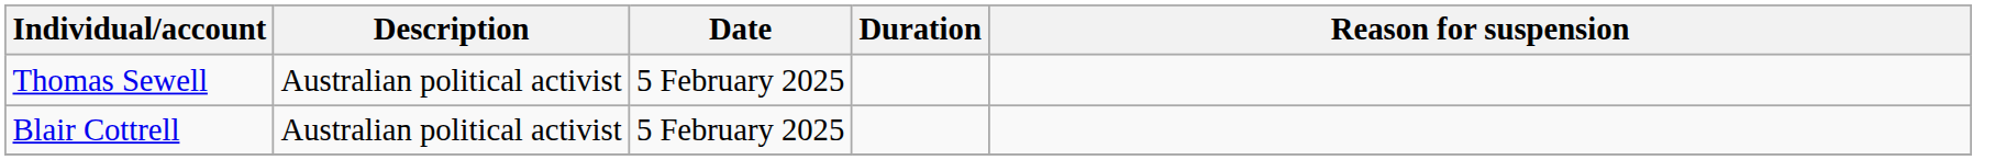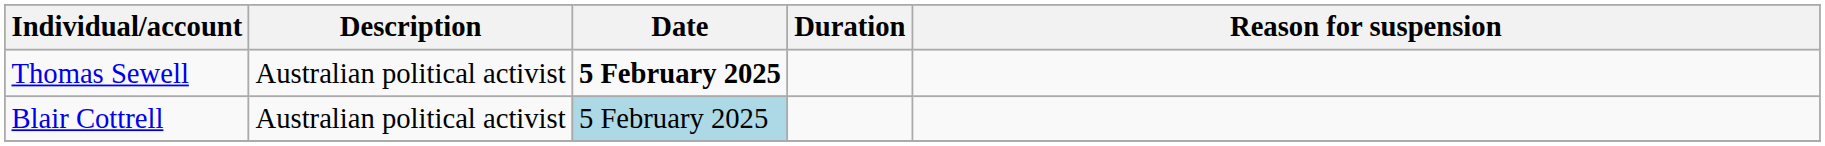 <table class="wikitable sortable">
 <tr>
 <th>Individual/account</th>
 <th>Description</th>
 <th>Date</th>
 <th>Duration</th>
 <th style=width:50%>Reason for suspension</th>
 </tr>
 <tr>
 <td><a href='#'>Thomas Sewell</a></td>
 <td>Australian political activist</td>
-<td>5 February 2025</td>
+<td><strong>5 February 2025</strong></td>
 <td></td>
 <td></td>
 </tr>
 <tr>
 <td><a href='#'>Blair Cottrell</a></td>
 <td>Australian political activist</td>
-<td>5 February 2025</td>
+<td style="background: lightblue;">5 February 2025</td>
 <td></td>
 <td></td>
 </tr>
 <tr>
 </tr>
 </table>
